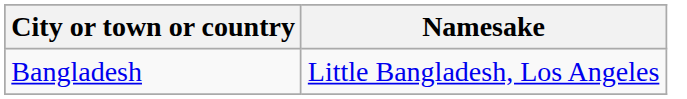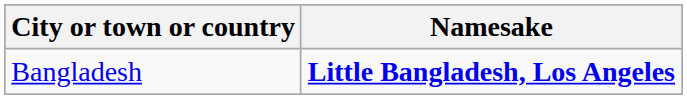 <table class="wikitable">
 <tr>
 <th>City or town or country</th>
 <th>Namesake</th>
 </tr>
 <tr>
 <td><a href='#'>Bangladesh</a></td>
-<td><a href='#'>Little Bangladesh, Los Angeles</a></td>
+<td><strong><a href='#'>Little Bangladesh, Los Angeles</a></strong></td>
 </tr>
 </table>
